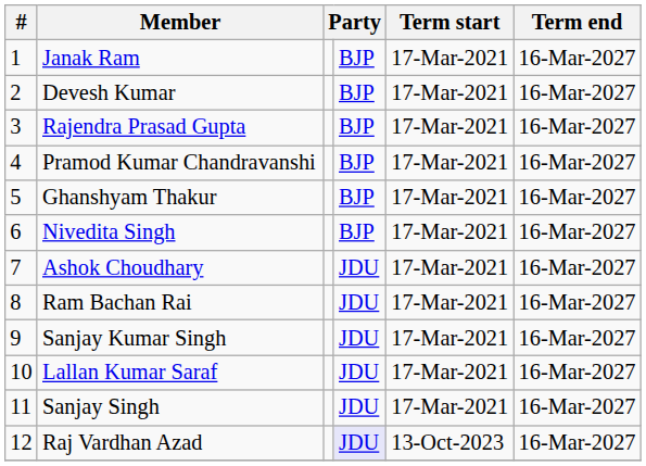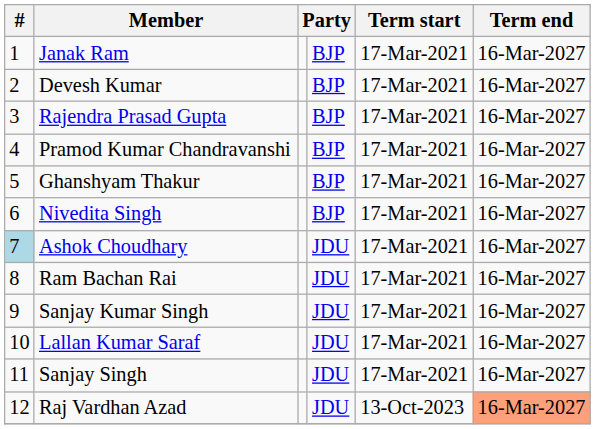 <table class="wikitable sortable">
 <tr>
 <th>#</th>
 <th style="width:200px">Member</th>
 <th colspan="2">Party</th>
 <th>Term start</th>
 <th>Term end</th>
 </tr>
 <tr>
 <td>1</td>
 <td><a href='#'>Janak Ram</a></td>
 <td style="background-color:"></td>
 <td><a href='#'>BJP</a></td>
 <td>17-Mar-2021</td>
 <td>16-Mar-2027</td>
 </tr>
 <tr>
 <td>2</td>
 <td>Devesh Kumar</td>
 <td style="background-color:"></td>
 <td><a href='#'>BJP</a></td>
 <td>17-Mar-2021</td>
 <td>16-Mar-2027</td>
 </tr>
 <tr>
 <td>3</td>
 <td><a href='#'>Rajendra Prasad Gupta</a></td>
 <td style="background-color:"></td>
 <td><a href='#'>BJP</a></td>
 <td>17-Mar-2021</td>
 <td>16-Mar-2027</td>
 </tr>
 <tr>
 <td>4</td>
 <td>Pramod Kumar Chandravanshi</td>
 <td style="background-color:"></td>
 <td><a href='#'>BJP</a></td>
 <td>17-Mar-2021</td>
 <td>16-Mar-2027</td>
 </tr>
 <tr>
 <td>5</td>
 <td>Ghanshyam Thakur</td>
 <td style="background-color:"></td>
 <td><a href='#'>BJP</a></td>
 <td>17-Mar-2021</td>
 <td>16-Mar-2027</td>
 </tr>
 <tr>
 <td>6</td>
 <td><a href='#'>Nivedita Singh</a></td>
 <td style="background-color:"></td>
 <td><a href='#'>BJP</a></td>
 <td>17-Mar-2021</td>
 <td>16-Mar-2027</td>
 </tr>
 <tr>
-<td>7</td>
+<td style="background: lightblue;">7</td>
 <td><a href='#'>Ashok Choudhary</a></td>
 <td style="background-color:"></td>
 <td><a href='#'>JDU</a></td>
 <td>17-Mar-2021</td>
 <td>16-Mar-2027</td>
 </tr>
 <tr>
 <td>8</td>
 <td>Ram Bachan Rai</td>
 <td style="background-color:"></td>
 <td><a href='#'>JDU</a></td>
 <td>17-Mar-2021</td>
 <td>16-Mar-2027</td>
 </tr>
 <tr>
 <td>9</td>
 <td>Sanjay Kumar Singh</td>
 <td style="background-color:"></td>
 <td><a href='#'>JDU</a></td>
 <td>17-Mar-2021</td>
 <td>16-Mar-2027</td>
 </tr>
 <tr>
 <td>10</td>
 <td><a href='#'>Lallan Kumar Saraf</a></td>
 <td style="background-color:"></td>
 <td><a href='#'>JDU</a></td>
 <td>17-Mar-2021</td>
 <td>16-Mar-2027</td>
 </tr>
 <tr>
 <td>11</td>
 <td>Sanjay Singh</td>
 <td style="background-color:"></td>
 <td><a href='#'>JDU</a></td>
 <td>17-Mar-2021</td>
 <td>16-Mar-2027</td>
 </tr>
 <tr>
 <td>12</td>
 <td>Raj Vardhan Azad</td>
 <td style="background-color:"></td>
-<td style="background: lavender;"><a href='#'>JDU</a></td>
+<td><a href='#'>JDU</a></td>
 <td>13-Oct-2023</td>
-<td>16-Mar-2027</td>
+<td style="background: lightsalmon;">16-Mar-2027</td>
 </tr>
 <tr>
 </tr>
 </table>
